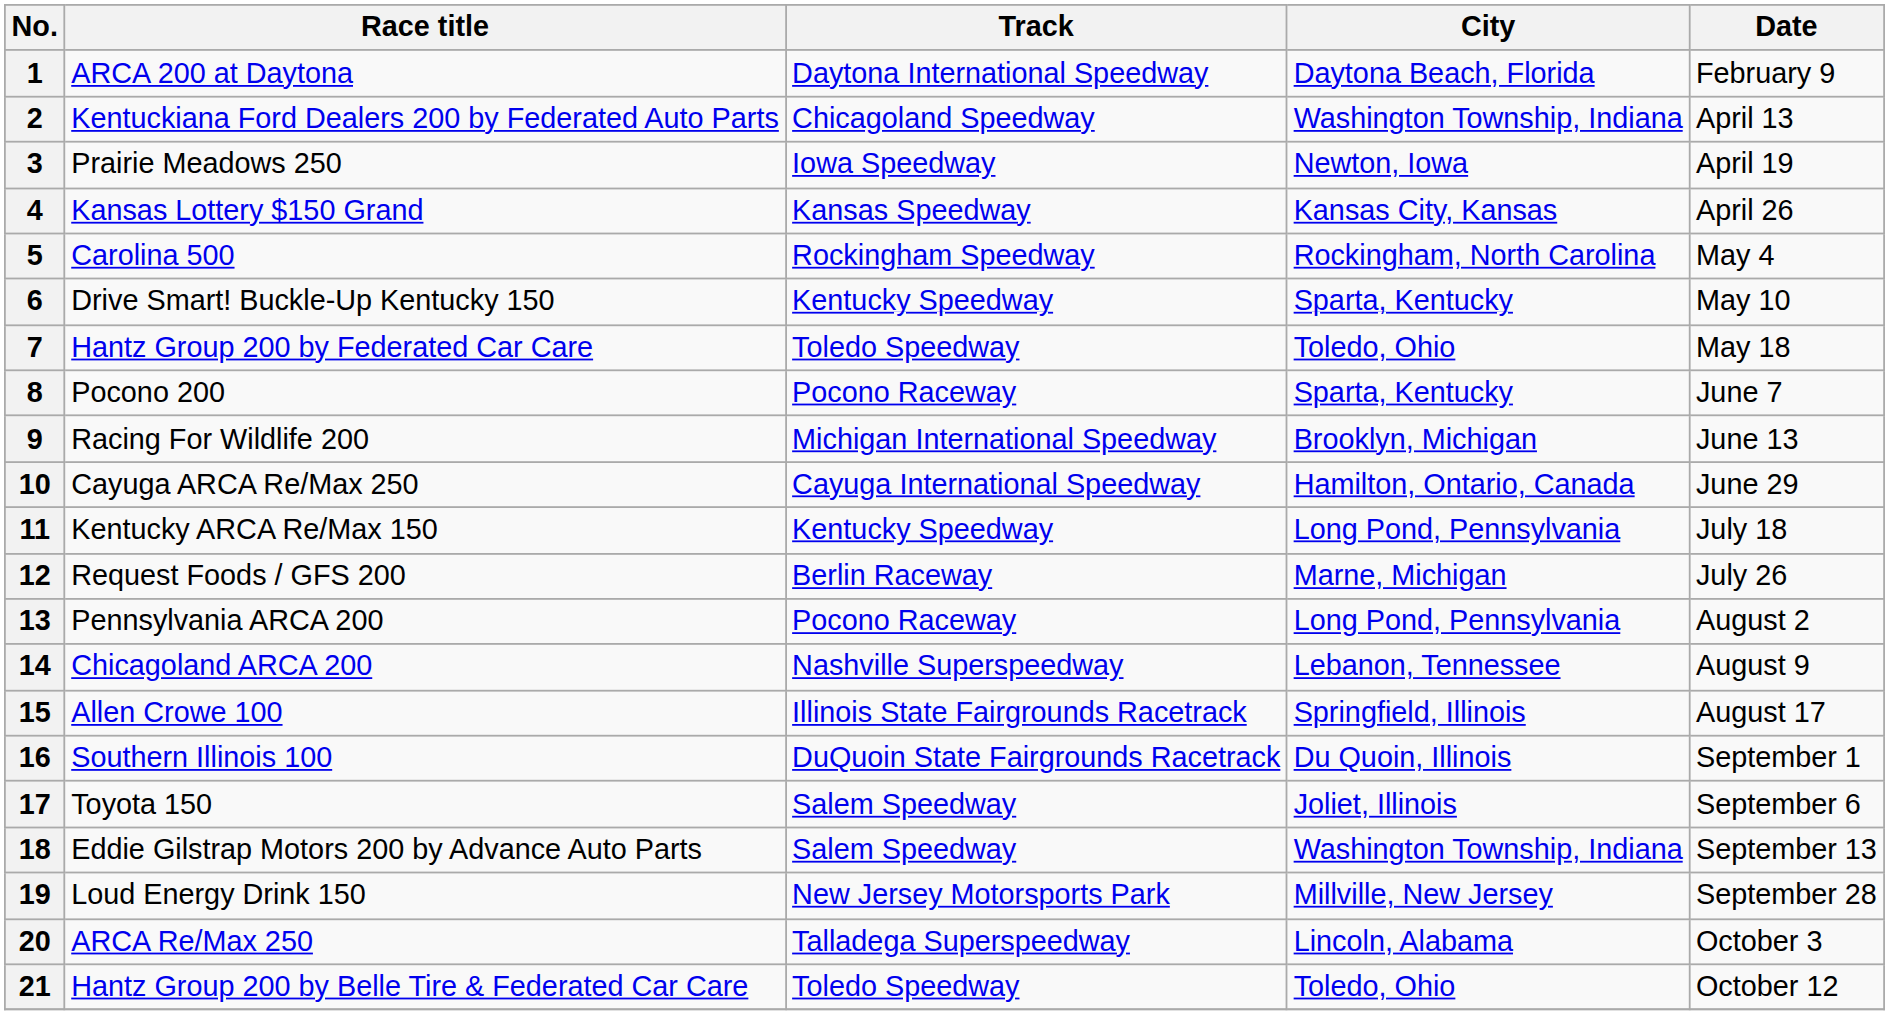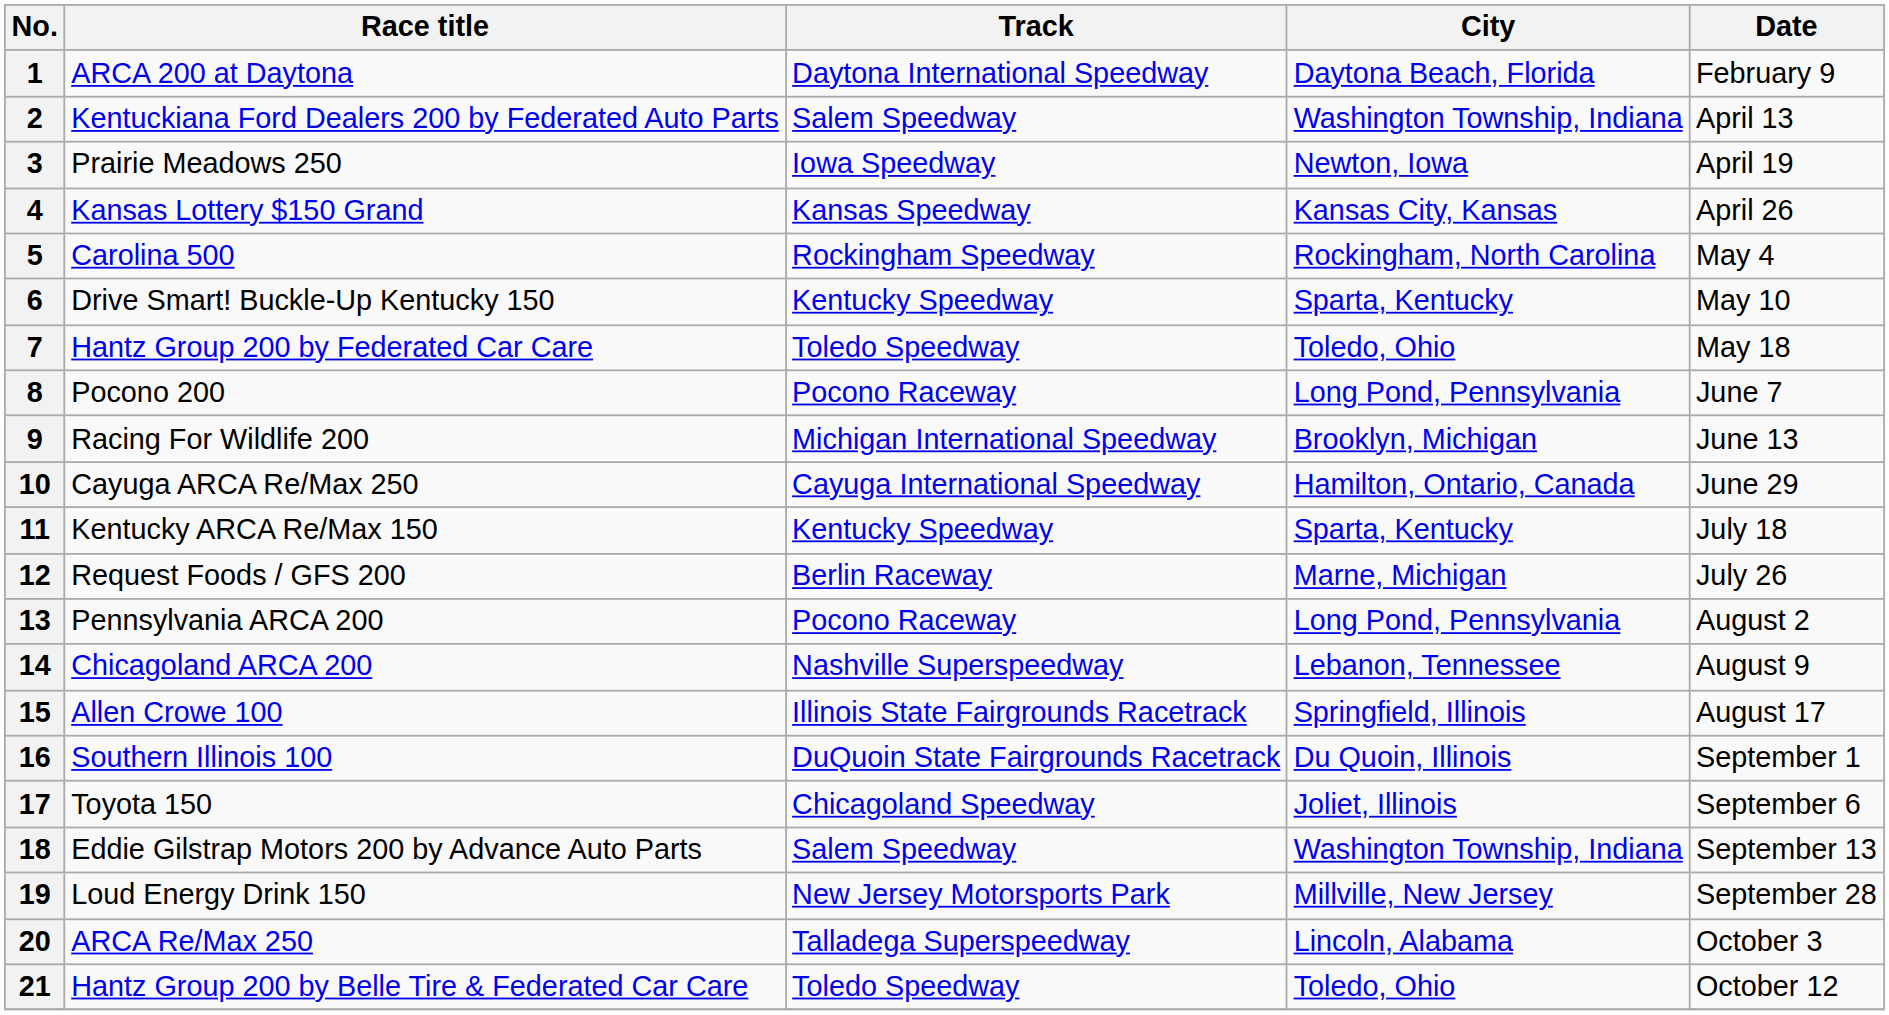 <table class="wikitable">
 <tr>
 <th>No.</th>
 <th>Race title</th>
 <th>Track</th>
 <th>City</th>
 <th>Date</th>
 </tr>
 <tr>
 <th>1</th>
 <td><a href='#'>ARCA 200 at Daytona</a></td>
 <td><a href='#'>Daytona International Speedway</a></td>
 <td><a href='#'>Daytona Beach, Florida</a></td>
 <td>February 9</td>
 </tr>
 <tr>
 <th>2</th>
 <td><a href='#'>Kentuckiana Ford Dealers 200 by Federated Auto Parts</a></td>
-<td><a href='#'>Chicagoland Speedway</a></td>
+<td><a href='#'>Salem Speedway</a></td>
 <td><a href='#'>Washington Township, Indiana</a></td>
 <td>April 13</td>
 </tr>
 <tr>
 <th>3</th>
 <td>Prairie Meadows 250</td>
 <td><a href='#'>Iowa Speedway</a></td>
 <td><a href='#'>Newton, Iowa</a></td>
 <td>April 19</td>
 </tr>
 <tr>
 <th>4</th>
 <td><a href='#'>Kansas Lottery $150 Grand</a></td>
 <td><a href='#'>Kansas Speedway</a></td>
 <td><a href='#'>Kansas City, Kansas</a></td>
 <td>April 26</td>
 </tr>
 <tr>
 <th>5</th>
 <td><a href='#'>Carolina 500</a></td>
 <td><a href='#'>Rockingham Speedway</a></td>
 <td><a href='#'>Rockingham, North Carolina</a></td>
 <td>May 4</td>
 </tr>
 <tr>
 <th>6</th>
 <td>Drive Smart! Buckle-Up Kentucky 150</td>
 <td><a href='#'>Kentucky Speedway</a></td>
 <td><a href='#'>Sparta, Kentucky</a></td>
 <td>May 10</td>
 </tr>
 <tr>
 <th>7</th>
 <td><a href='#'>Hantz Group 200 by Federated Car Care</a></td>
 <td><a href='#'>Toledo Speedway</a></td>
 <td><a href='#'>Toledo, Ohio</a></td>
 <td>May 18</td>
 </tr>
 <tr>
 <th>8</th>
 <td>Pocono 200</td>
 <td><a href='#'>Pocono Raceway</a></td>
-<td><a href='#'>Sparta, Kentucky</a></td>
+<td><a href='#'>Long Pond, Pennsylvania</a></td>
 <td>June 7</td>
 </tr>
 <tr>
 <th>9</th>
 <td>Racing For Wildlife 200</td>
 <td><a href='#'>Michigan International Speedway</a></td>
 <td><a href='#'>Brooklyn, Michigan</a></td>
 <td>June 13</td>
 </tr>
 <tr>
 <th>10</th>
 <td>Cayuga ARCA Re/Max 250</td>
 <td><a href='#'>Cayuga International Speedway</a></td>
 <td><a href='#'>Hamilton, Ontario, Canada</a></td>
 <td>June 29</td>
 </tr>
 <tr>
 <th>11</th>
 <td>Kentucky ARCA Re/Max 150</td>
 <td><a href='#'>Kentucky Speedway</a></td>
-<td><a href='#'>Long Pond, Pennsylvania</a></td>
+<td><a href='#'>Sparta, Kentucky</a></td>
 <td>July 18</td>
 </tr>
 <tr>
 <th>12</th>
 <td>Request Foods / GFS 200</td>
 <td><a href='#'>Berlin Raceway</a></td>
 <td><a href='#'>Marne, Michigan</a></td>
 <td>July 26</td>
 </tr>
 <tr>
 <th>13</th>
 <td>Pennsylvania ARCA 200</td>
 <td><a href='#'>Pocono Raceway</a></td>
 <td><a href='#'>Long Pond, Pennsylvania</a></td>
 <td>August 2</td>
 </tr>
 <tr>
 <th>14</th>
 <td><a href='#'>Chicagoland ARCA 200</a></td>
 <td><a href='#'>Nashville Superspeedway</a></td>
 <td><a href='#'>Lebanon, Tennessee</a></td>
 <td>August 9</td>
 </tr>
 <tr>
 <th>15</th>
 <td><a href='#'>Allen Crowe 100</a></td>
 <td><a href='#'>Illinois State Fairgrounds Racetrack</a></td>
 <td><a href='#'>Springfield, Illinois</a></td>
 <td>August 17</td>
 </tr>
 <tr>
 <th>16</th>
 <td><a href='#'>Southern Illinois 100</a></td>
 <td><a href='#'>DuQuoin State Fairgrounds Racetrack</a></td>
 <td><a href='#'>Du Quoin, Illinois</a></td>
 <td>September 1</td>
 </tr>
 <tr>
 <th>17</th>
 <td>Toyota 150</td>
-<td><a href='#'>Salem Speedway</a></td>
+<td><a href='#'>Chicagoland Speedway</a></td>
 <td><a href='#'>Joliet, Illinois</a></td>
 <td>September 6</td>
 </tr>
 <tr>
 <th>18</th>
 <td>Eddie Gilstrap Motors 200 by Advance Auto Parts</td>
 <td><a href='#'>Salem Speedway</a></td>
 <td><a href='#'>Washington Township, Indiana</a></td>
 <td>September 13</td>
 </tr>
 <tr>
 <th>19</th>
 <td>Loud Energy Drink 150</td>
 <td><a href='#'>New Jersey Motorsports Park</a></td>
 <td><a href='#'>Millville, New Jersey</a></td>
 <td>September 28</td>
 </tr>
 <tr>
 <th>20</th>
 <td><a href='#'>ARCA Re/Max 250</a></td>
 <td><a href='#'>Talladega Superspeedway</a></td>
 <td><a href='#'>Lincoln, Alabama</a></td>
 <td>October 3</td>
 </tr>
 <tr>
 <th>21</th>
 <td><a href='#'>Hantz Group 200 by Belle Tire & Federated Car Care</a></td>
 <td><a href='#'>Toledo Speedway</a></td>
 <td><a href='#'>Toledo, Ohio</a></td>
 <td>October 12</td>
 </tr>
 <tr>
 </tr>
 </table>
